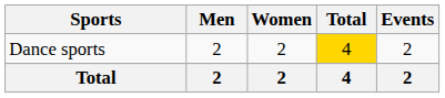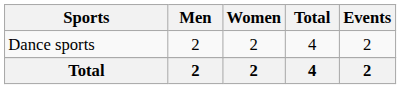 <table class="wikitable sortable" style="text-align:center;">
 <tr>
 <th width=150>Sports</th>
 <th width=45>Men</th>
 <th width=45>Women</th>
 <th width=45>Total</th>
 <th width=45>Events</th>
 </tr>
 <tr>
 <td align=left>Dance sports</td>
 <td>2</td>
 <td>2</td>
-<td style="background: gold;">4</td>
+<td>4</td>
 <td>2</td>
 </tr>
 <tr>
 </tr>
 <tr class="sortbottom">
 <th>Total</th>
 <th>2</th>
 <th>2</th>
 <th>4</th>
 <th>2</th>
 </tr>
 </table>
